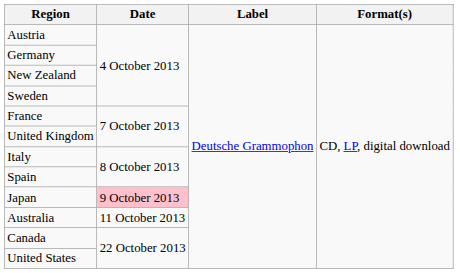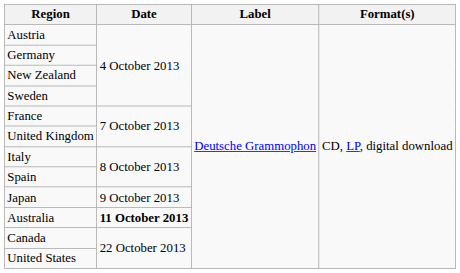 <table class="wikitable plainrowheaders">
 <tr>
 <th scope="col">Region</th>
 <th scope="col">Date</th>
 <th scope="col">Label</th>
 <th scope="col">Format(s)</th>
 </tr>
 <tr>
 <td>Austria</td>
 <td rowspan="4">4 October 2013</td>
 <td rowspan="12"><a href='#'>Deutsche Grammophon</a></td>
 <td rowspan="12">CD, <a href='#'>LP</a>, digital download</td>
 </tr>
 <tr>
 <td>Germany</td>
 </tr>
 <tr>
 <td>New Zealand</td>
 </tr>
 <tr>
 <td>Sweden</td>
 </tr>
 <tr>
 <td>France</td>
 <td rowspan="2">7 October 2013</td>
 </tr>
 <tr>
 <td>United Kingdom</td>
 </tr>
 <tr>
 <td>Italy</td>
 <td rowspan="2">8 October 2013</td>
 </tr>
 <tr>
 <td>Spain</td>
 </tr>
 <tr>
 <td>Japan</td>
-<td style="background: pink;">9 October 2013</td>
+<td>9 October 2013</td>
 </tr>
 <tr>
 <td>Australia</td>
-<td>11 October 2013</td>
+<td><strong>11 October 2013</strong></td>
 </tr>
 <tr>
 <td>Canada</td>
 <td rowspan="2">22 October 2013</td>
 </tr>
 <tr>
 <td>United States</td>
 </tr>
 </table>
